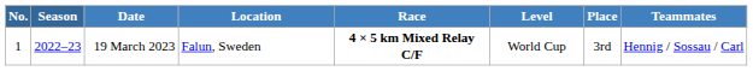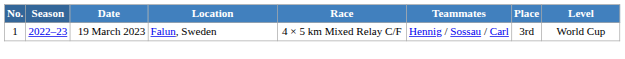 <table class="wikitable sortable" style="font-size:95%; text-align:center; border:grey solid 1px; border-collapse:collapse; background:#ffffff;">
 <tr style="background:#efefef;">
 <th style="background-color:#369; color:white;">No.</th>
 <th style="background-color:#369; color:white;">Season</th>
 <th style="background-color:#4180be; color:white; width:100px;">Date</th>
 <th style="background-color:#4180be; color:white; width:170px;">Location</th>
 <th style="background-color:#4180be; color:white; width:170px;">Race</th>
+<th style="background-color:#4180be; color:white;">Teammates</th>
+<th style="background-color:#4180be; color:white;">Place</th>
 <th style="background-color:#4180be; color:white; width:100px;">Level</th>
-<th style="background-color:#4180be; color:white;">Place</th>
-<th style="background-color:#4180be; color:white;">Teammates</th>
 </tr>
 <tr>
 <td align=center>1</td>
 <td align=center><a href='#'>2022–23</a></td>
 <td align=right>19 March 2023</td>
 <td align=left> <a href='#'>Falun</a>, Sweden</td>
-<td><strong>4 × 5 km Mixed Relay C/F</strong></td>
+<td>4 × 5 km Mixed Relay C/F</td>
+<td><a href='#'>Hennig</a> / <a href='#'>Sossau</a> / <a href='#'>Carl</a></td>
+<td>3rd</td>
 <td>World Cup</td>
-<td>3rd</td>
-<td><a href='#'>Hennig</a> / <a href='#'>Sossau</a> / <a href='#'>Carl</a></td>
 </tr>
 </table>
